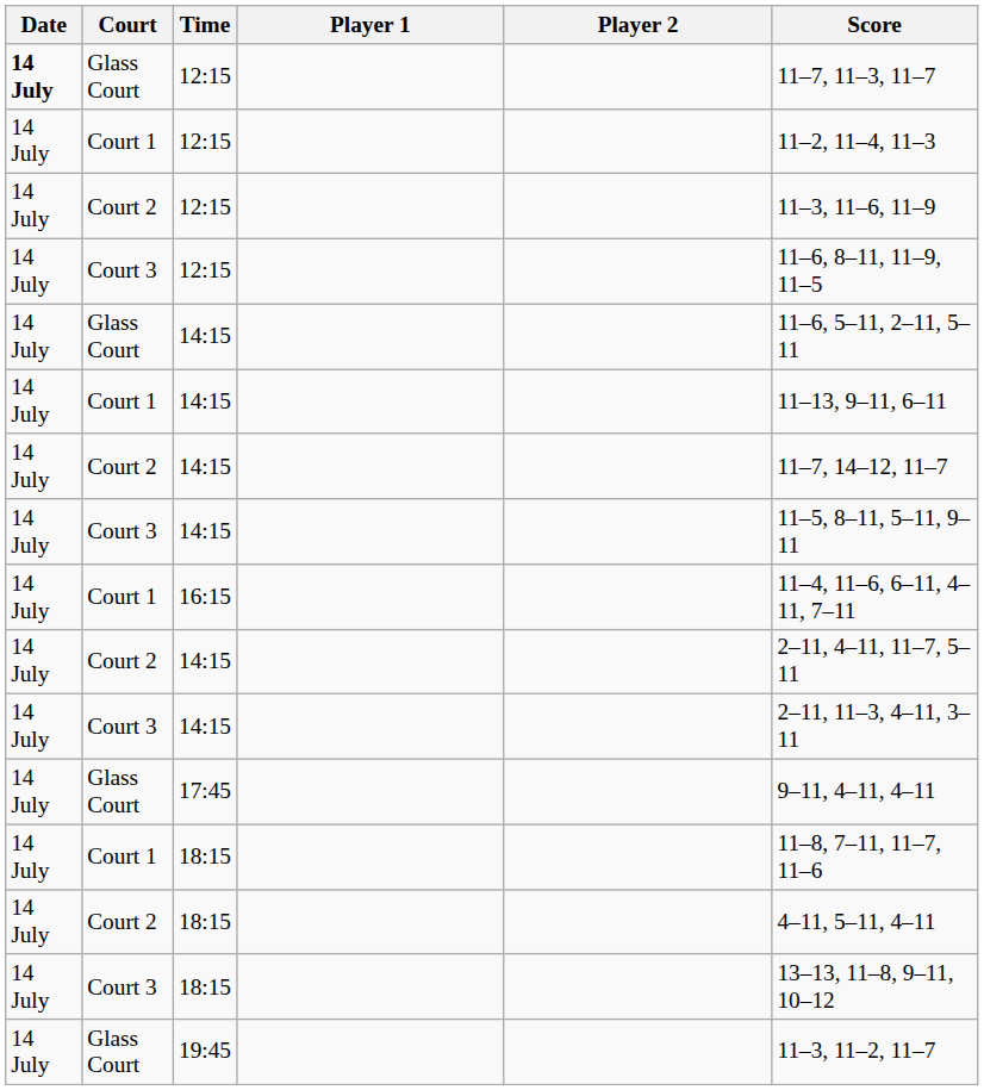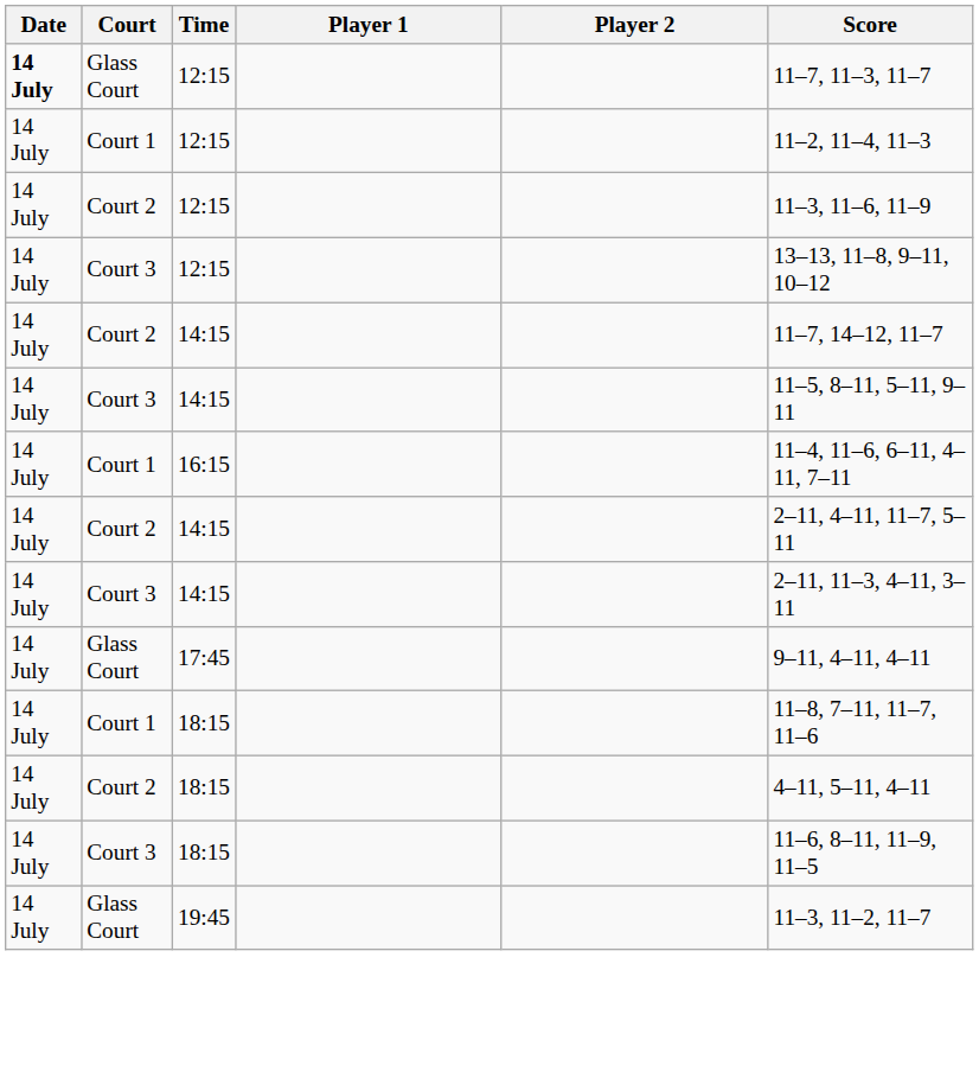 <table class="sortable wikitable" style="font-size:90%">
 <tr>
 <th width="45" class="unsortable">Date</th>
 <th width="55">Court</th>
 <th width="30">Time</th>
 <th width="200">Player 1</th>
 <th width="200">Player 2</th>
 <th width="150" class="unsortable">Score</th>
 </tr>
 <tr>
 <td><strong>14 July</strong></td>
 <td>Glass Court</td>
 <td>12:15</td>
 <td></td>
 <td><strong></strong></td>
 <td>11–7, 11–3, 11–7</td>
 </tr>
 <tr>
 <td>14 July</td>
 <td>Court 1</td>
 <td>12:15</td>
 <td><strong></strong></td>
 <td></td>
 <td>11–2, 11–4, 11–3</td>
 </tr>
 <tr>
 <td>14 July</td>
 <td>Court 2</td>
 <td>12:15</td>
 <td><strong></strong></td>
 <td></td>
 <td>11–3, 11–6, 11–9</td>
 </tr>
 <tr>
 <td>14 July</td>
 <td>Court 3</td>
 <td>12:15</td>
 <td></td>
 <td><strong></strong></td>
-<td>11–6, 8–11, 11–9, 11–5</td>
-</tr>
-<tr>
-<td>14 July</td>
-<td>Glass Court</td>
-<td>14:15</td>
-<td></td>
-<td><strong></strong></td>
-<td>11–6, 5–11, 2–11, 5–11</td>
-</tr>
-<tr>
-<td>14 July</td>
-<td>Court 1</td>
-<td>14:15</td>
-<td></td>
-<td><strong></strong></td>
-<td>11–13, 9–11, 6–11</td>
+<td>13–13, 11–8, 9–11, 10–12</td>
 </tr>
 <tr>
 <td>14 July</td>
 <td>Court 2</td>
 <td>14:15</td>
 <td><strong></strong></td>
 <td></td>
 <td>11–7, 14–12, 11–7</td>
 </tr>
 <tr>
 <td>14 July</td>
 <td>Court 3</td>
 <td>14:15</td>
 <td></td>
 <td><strong></strong></td>
 <td>11–5, 8–11, 5–11, 9–11</td>
 </tr>
 <tr>
 <td>14 July</td>
 <td>Court 1</td>
 <td>16:15</td>
 <td><strong></strong></td>
 <td></td>
 <td>11–4, 11–6, 6–11, 4–11, 7–11</td>
 </tr>
 <tr>
 <td>14 July</td>
 <td>Court 2</td>
 <td>14:15</td>
 <td></td>
 <td><strong></strong></td>
 <td>2–11, 4–11, 11–7, 5–11</td>
 </tr>
 <tr>
 <td>14 July</td>
 <td>Court 3</td>
 <td>14:15</td>
 <td></td>
 <td><strong></strong></td>
 <td>2–11, 11–3, 4–11, 3–11</td>
 </tr>
 <tr>
 <td>14 July</td>
 <td>Glass Court</td>
 <td>17:45</td>
 <td><strong></strong></td>
 <td></td>
 <td>9–11, 4–11, 4–11</td>
 </tr>
 <tr>
 <td>14 July</td>
 <td>Court 1</td>
 <td>18:15</td>
 <td></td>
 <td><strong></strong></td>
 <td>11–8, 7–11, 11–7, 11–6</td>
 </tr>
 <tr>
 <td>14 July</td>
 <td>Court 2</td>
 <td>18:15</td>
 <td></td>
 <td><strong></strong></td>
 <td>4–11, 5–11, 4–11</td>
 </tr>
 <tr>
 <td>14 July</td>
 <td>Court 3</td>
 <td>18:15</td>
 <td><strong></strong></td>
 <td></td>
-<td>13–13, 11–8, 9–11, 10–12</td>
+<td>11–6, 8–11, 11–9, 11–5</td>
 </tr>
 <tr>
 <td>14 July</td>
 <td>Glass Court</td>
 <td>19:45</td>
 <td><strong></strong></td>
 <td></td>
 <td>11–3, 11–2, 11–7</td>
 </tr>
 </table>
